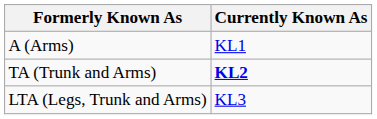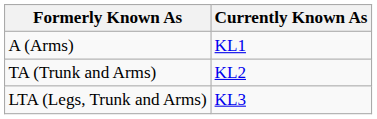 <table class="wikitable">
 <tr>
 <th>Formerly Known As</th>
 <th>Currently Known As</th>
 </tr>
 <tr>
 <td>A (Arms)</td>
 <td><a href='#'>KL1</a></td>
 </tr>
 <tr>
 <td>TA (Trunk and Arms)</td>
-<td><strong><a href='#'>KL2</a></strong></td>
+<td><a href='#'>KL2</a></td>
 </tr>
 <tr>
 <td>LTA (Legs, Trunk and Arms)</td>
 <td><a href='#'>KL3</a></td>
 </tr>
 </table>
